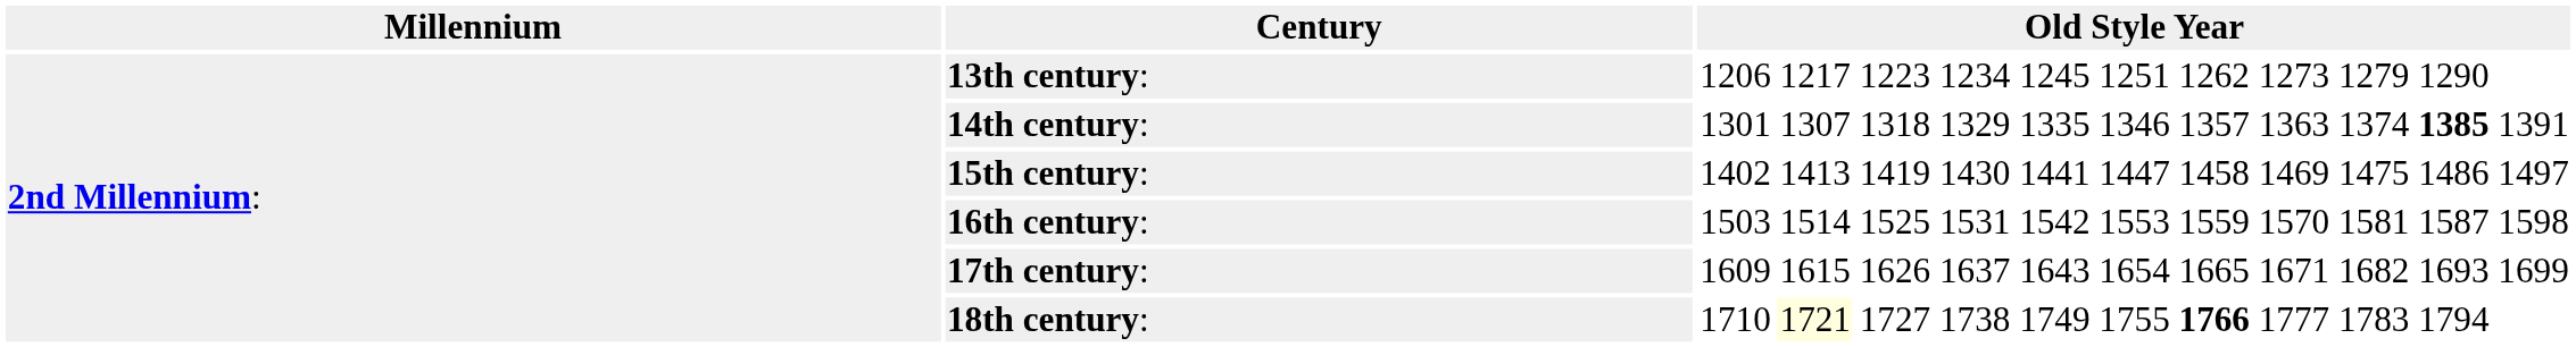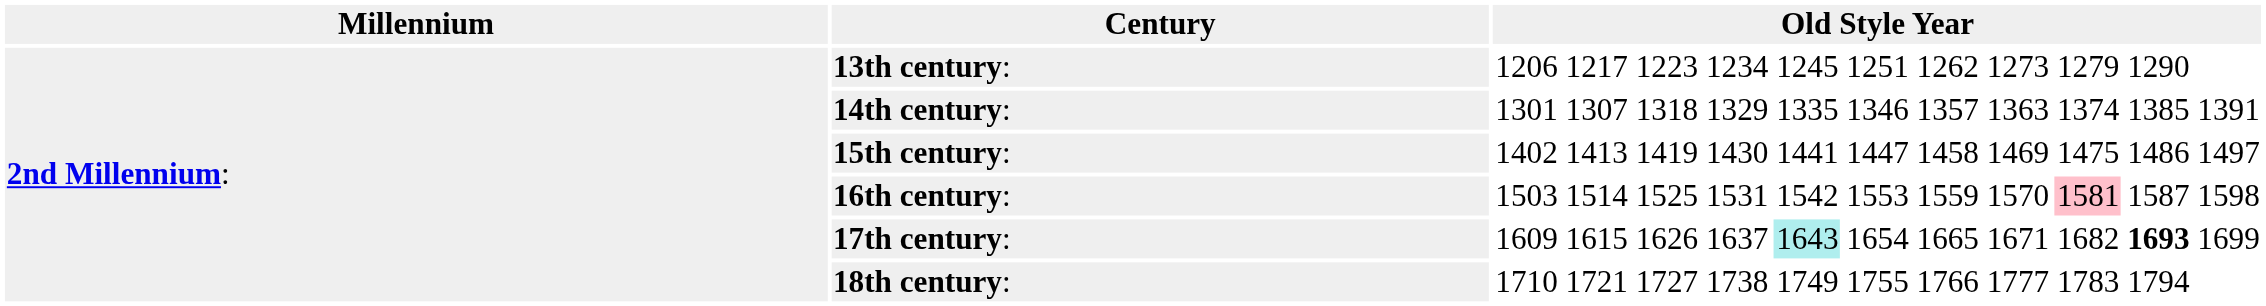 <table>
 <tr style="background-color:#efefef;">
 <th>Millennium</th>
 <th>Century</th>
 <th align="center" colspan="11">Old Style Year</th>
 </tr>
 <tr>
 <td style="background-color:#efefef;" rowspan="6"><strong><a href='#'>2nd Millennium</a></strong>:</td>
 <td style="background-color:#efefef;"><strong>13th century</strong>:</td>
 <td width="3%">1206</td>
 <td width="3%">1217</td>
 <td width="3%">1223</td>
 <td width="3%">1234</td>
 <td width="3%">1245</td>
 <td width="3%">1251</td>
 <td width="3%">1262</td>
 <td width="3%">1273</td>
 <td width="3%">1279</td>
 <td width="3%">1290</td>
 </tr>
 <tr>
 <td style="background-color:#efefef;"><strong>14th century</strong>:</td>
 <td width="3%">1301</td>
 <td width="3%">1307</td>
 <td width="3%">1318</td>
 <td width="3%">1329</td>
 <td width="3%">1335</td>
 <td width="3%">1346</td>
 <td width="3%">1357</td>
 <td width="3%">1363</td>
 <td width="3%">1374</td>
-<td width="3%"><strong>1385</strong></td>
+<td width="3%">1385</td>
 <td width="3%">1391</td>
 </tr>
 <tr>
 <td style="background-color:#efefef;"><strong>15th century</strong>:</td>
 <td width="3%">1402</td>
 <td width="3%">1413</td>
 <td width="3%">1419</td>
 <td width="3%">1430</td>
 <td width="3%">1441</td>
 <td width="3%">1447</td>
 <td width="3%">1458</td>
 <td width="3%">1469</td>
 <td width="3%">1475</td>
 <td width="3%">1486</td>
 <td width="3%">1497</td>
 </tr>
 <tr>
 <td style="background-color:#efefef;"><strong>16th century</strong>:</td>
 <td width="3%">1503</td>
 <td width="3%">1514</td>
 <td width="3%">1525</td>
 <td width="3%">1531</td>
 <td width="3%">1542</td>
 <td width="3%">1553</td>
 <td width="3%">1559</td>
 <td width="3%">1570</td>
-<td width="3%">1581</td>
+<td width="3%" style="background: pink;">1581</td>
 <td width="3%">1587</td>
 <td width="3%">1598</td>
 </tr>
 <tr>
 <td style="background-color:#efefef;"><strong>17th century</strong>:</td>
 <td width="3%">1609</td>
 <td width="3%">1615</td>
 <td width="3%">1626</td>
 <td width="3%">1637</td>
-<td width="3%">1643</td>
+<td width="3%" style="background: paleturquoise;">1643</td>
 <td width="3%">1654</td>
 <td width="3%">1665</td>
 <td width="3%">1671</td>
 <td width="3%">1682</td>
-<td width="3%">1693</td>
+<td width="3%"><strong>1693</strong></td>
 <td width="3%">1699</td>
 </tr>
 <tr>
 <td style="background-color:#efefef;"><strong>18th century</strong>:</td>
 <td width="3%">1710</td>
-<td width="3%" style="background: lightyellow;">1721</td>
+<td width="3%">1721</td>
 <td width="3%">1727</td>
 <td width="3%">1738</td>
 <td width="3%">1749</td>
 <td width="3%">1755</td>
-<td width="3%"><strong>1766</strong></td>
+<td width="3%">1766</td>
 <td width="3%">1777</td>
 <td width="3%">1783</td>
 <td width="3%">1794</td>
 </tr>
 </table>
